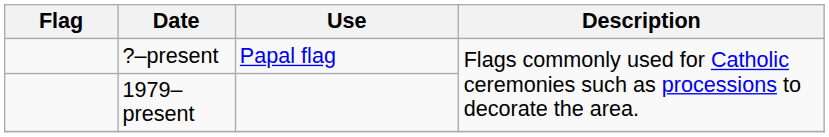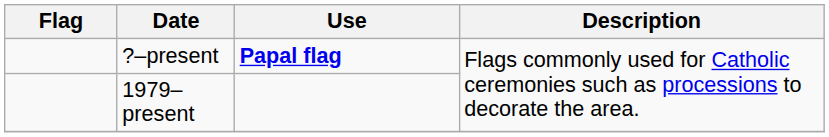 <table class="wikitable">
 <tr>
 <th style="width:110px;">Flag</th>
 <th style="width:100px;">Date</th>
 <th style="width:250px;">Use</th>
 <th style="width:400px;">Description</th>
 </tr>
 <tr>
 <td></td>
 <td>?–present</td>
-<td><a href='#'>Papal flag</a></td>
+<td><strong><a href='#'>Papal flag</a></strong></td>
 <td rowspan="2">Flags commonly used for <a href='#'>Catholic</a> ceremonies such as <a href='#'>processions</a> to decorate the area.</td>
 </tr>
 <tr>
 <td></td>
 <td>1979–present</td>
 <td></td>
 </tr>
 <tr>
 </tr>
 </table>
